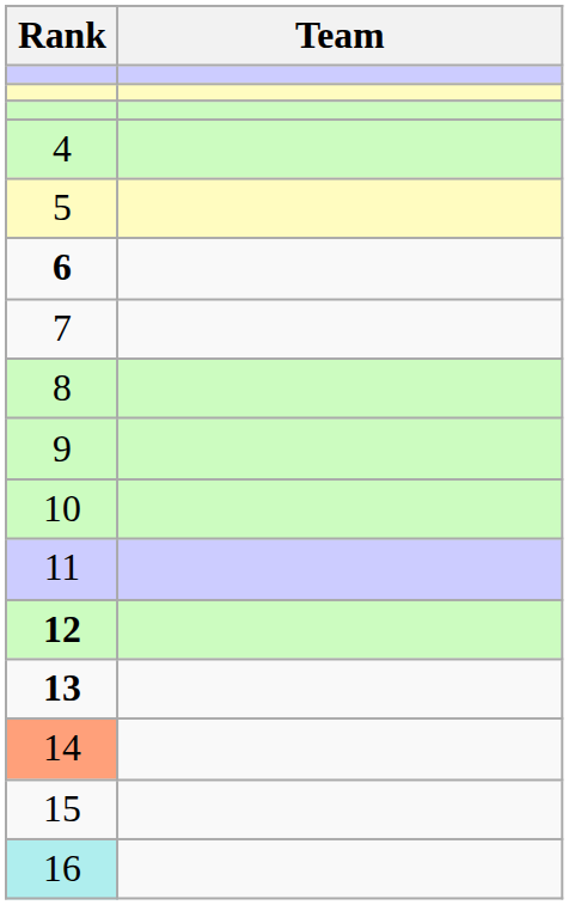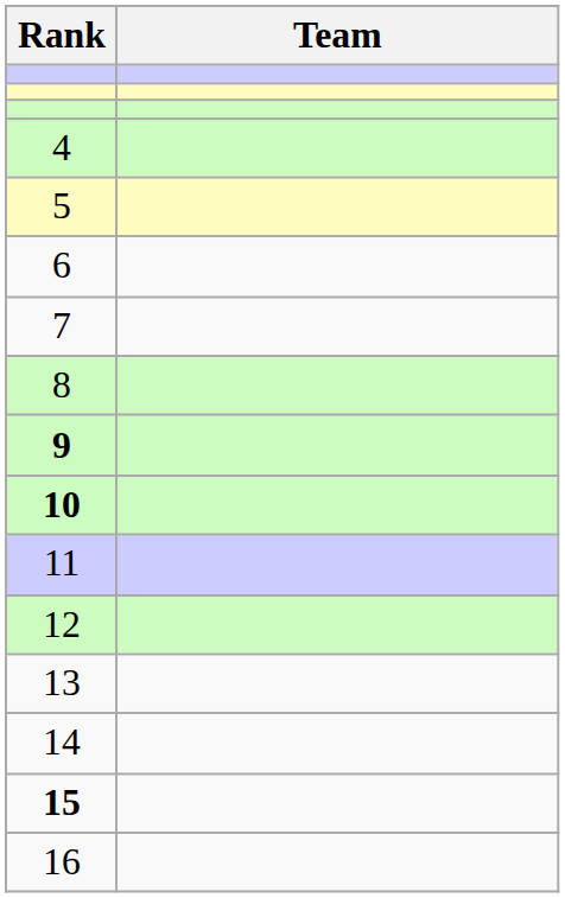 <table class="wikitable" style="text-align: center;">
 <tr>
 <th width=40>Rank</th>
 <th width=180>Team</th>
 </tr>
 <tr bgcolor=#ccccff>
 <td></td>
 <td align="left"></td>
 </tr>
 <tr bgcolor=#ffffccc>
 <td></td>
 <td align="left"></td>
 </tr>
 <tr bgcolor=#ccffccc>
 <td></td>
 <td align="left"></td>
 </tr>
 <tr bgcolor=#ccffccc>
 <td>4</td>
 <td align="left"></td>
 </tr>
 <tr bgcolor=#ffffccc>
 <td>5</td>
 <td align="left"></td>
 </tr>
 <tr>
-<td><strong>6</strong></td>
+<td>6</td>
 <td align="left"></td>
 </tr>
 <tr>
 <td>7</td>
 <td align="left"></td>
 </tr>
 <tr bgcolor=#ccffccc>
 <td>8</td>
 <td align="left"></td>
 </tr>
 <tr bgcolor=#ccffccc>
-<td>9</td>
+<td><strong>9</strong></td>
 <td align="left"></td>
 </tr>
 <tr bgcolor=#ccffccc>
-<td>10</td>
+<td><strong>10</strong></td>
 <td align="left"></td>
 </tr>
 <tr bgcolor=#ccccff>
 <td>11</td>
 <td align="left"></td>
 </tr>
 <tr bgcolor=#ccffccc>
-<td><strong>12</strong></td>
+<td>12</td>
 <td align="left"></td>
 </tr>
 <tr>
-<td><strong>13</strong></td>
+<td>13</td>
 <td align="left"></td>
 </tr>
 <tr>
-<td style="background: lightsalmon;">14</td>
+<td>14</td>
 <td align="left"></td>
 </tr>
 <tr>
-<td>15</td>
+<td><strong>15</strong></td>
 <td align="left"></td>
 </tr>
 <tr>
-<td style="background: paleturquoise;">16</td>
+<td>16</td>
 <td align="left"></td>
 </tr>
 </table>
